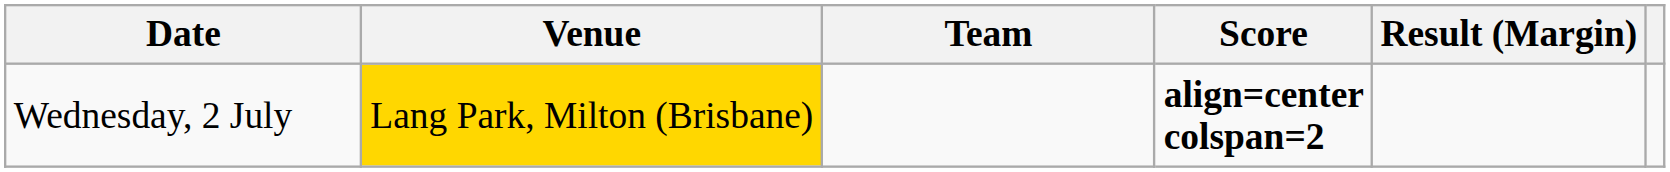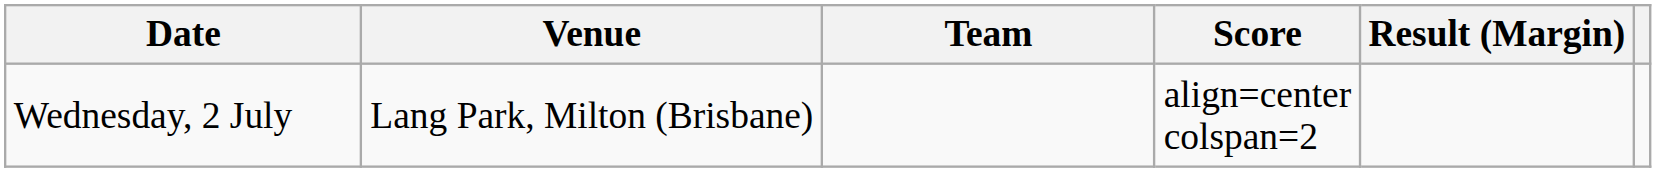 <table class="wikitable">
 <tr>
 <th width=145>Date</th>
 <th>Venue</th>
 <th width=135>Team</th>
 <th width=70>Score</th>
 <th>Result (Margin)</th>
 <th></th>
 </tr>
 <tr>
 <td>Wednesday, 2 July</td>
-<td style="background: gold;">Lang Park, Milton (Brisbane)</td>
+<td>Lang Park, Milton (Brisbane)</td>
 <td></td>
-<td><strong>align=center colspan=2 </strong></td>
+<td>align=center colspan=2 </td>
 <td align=center></td>
 </tr>
 </table>
